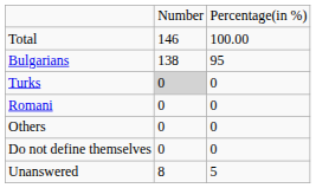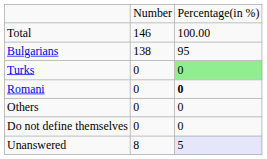 <table class="wikitable">
 <tr>
 <td></td>
 <td>Number</td>
 <td>Percentage(in %)</td>
 </tr>
 <tr>
 <td>Total</td>
 <td>146</td>
 <td>100.00</td>
 </tr>
 <tr>
 <td><a href='#'>Bulgarians</a></td>
 <td>138</td>
 <td>95</td>
 </tr>
 <tr>
 <td><a href='#'>Turks</a></td>
-<td style="background: lightgrey;">0</td>
 <td>0</td>
+<td style="background: lightgreen;">0</td>
 </tr>
 <tr>
 <td><a href='#'>Romani</a></td>
 <td>0</td>
-<td>0</td>
+<td><strong>0</strong></td>
 </tr>
 <tr>
 <td>Others</td>
 <td>0</td>
 <td>0</td>
 </tr>
 <tr>
 <td>Do not define themselves</td>
 <td>0</td>
 <td>0</td>
 </tr>
 <tr>
 <td>Unanswered</td>
 <td>8</td>
-<td>5</td>
+<td style="background: lavender;">5</td>
 </tr>
 </table>
